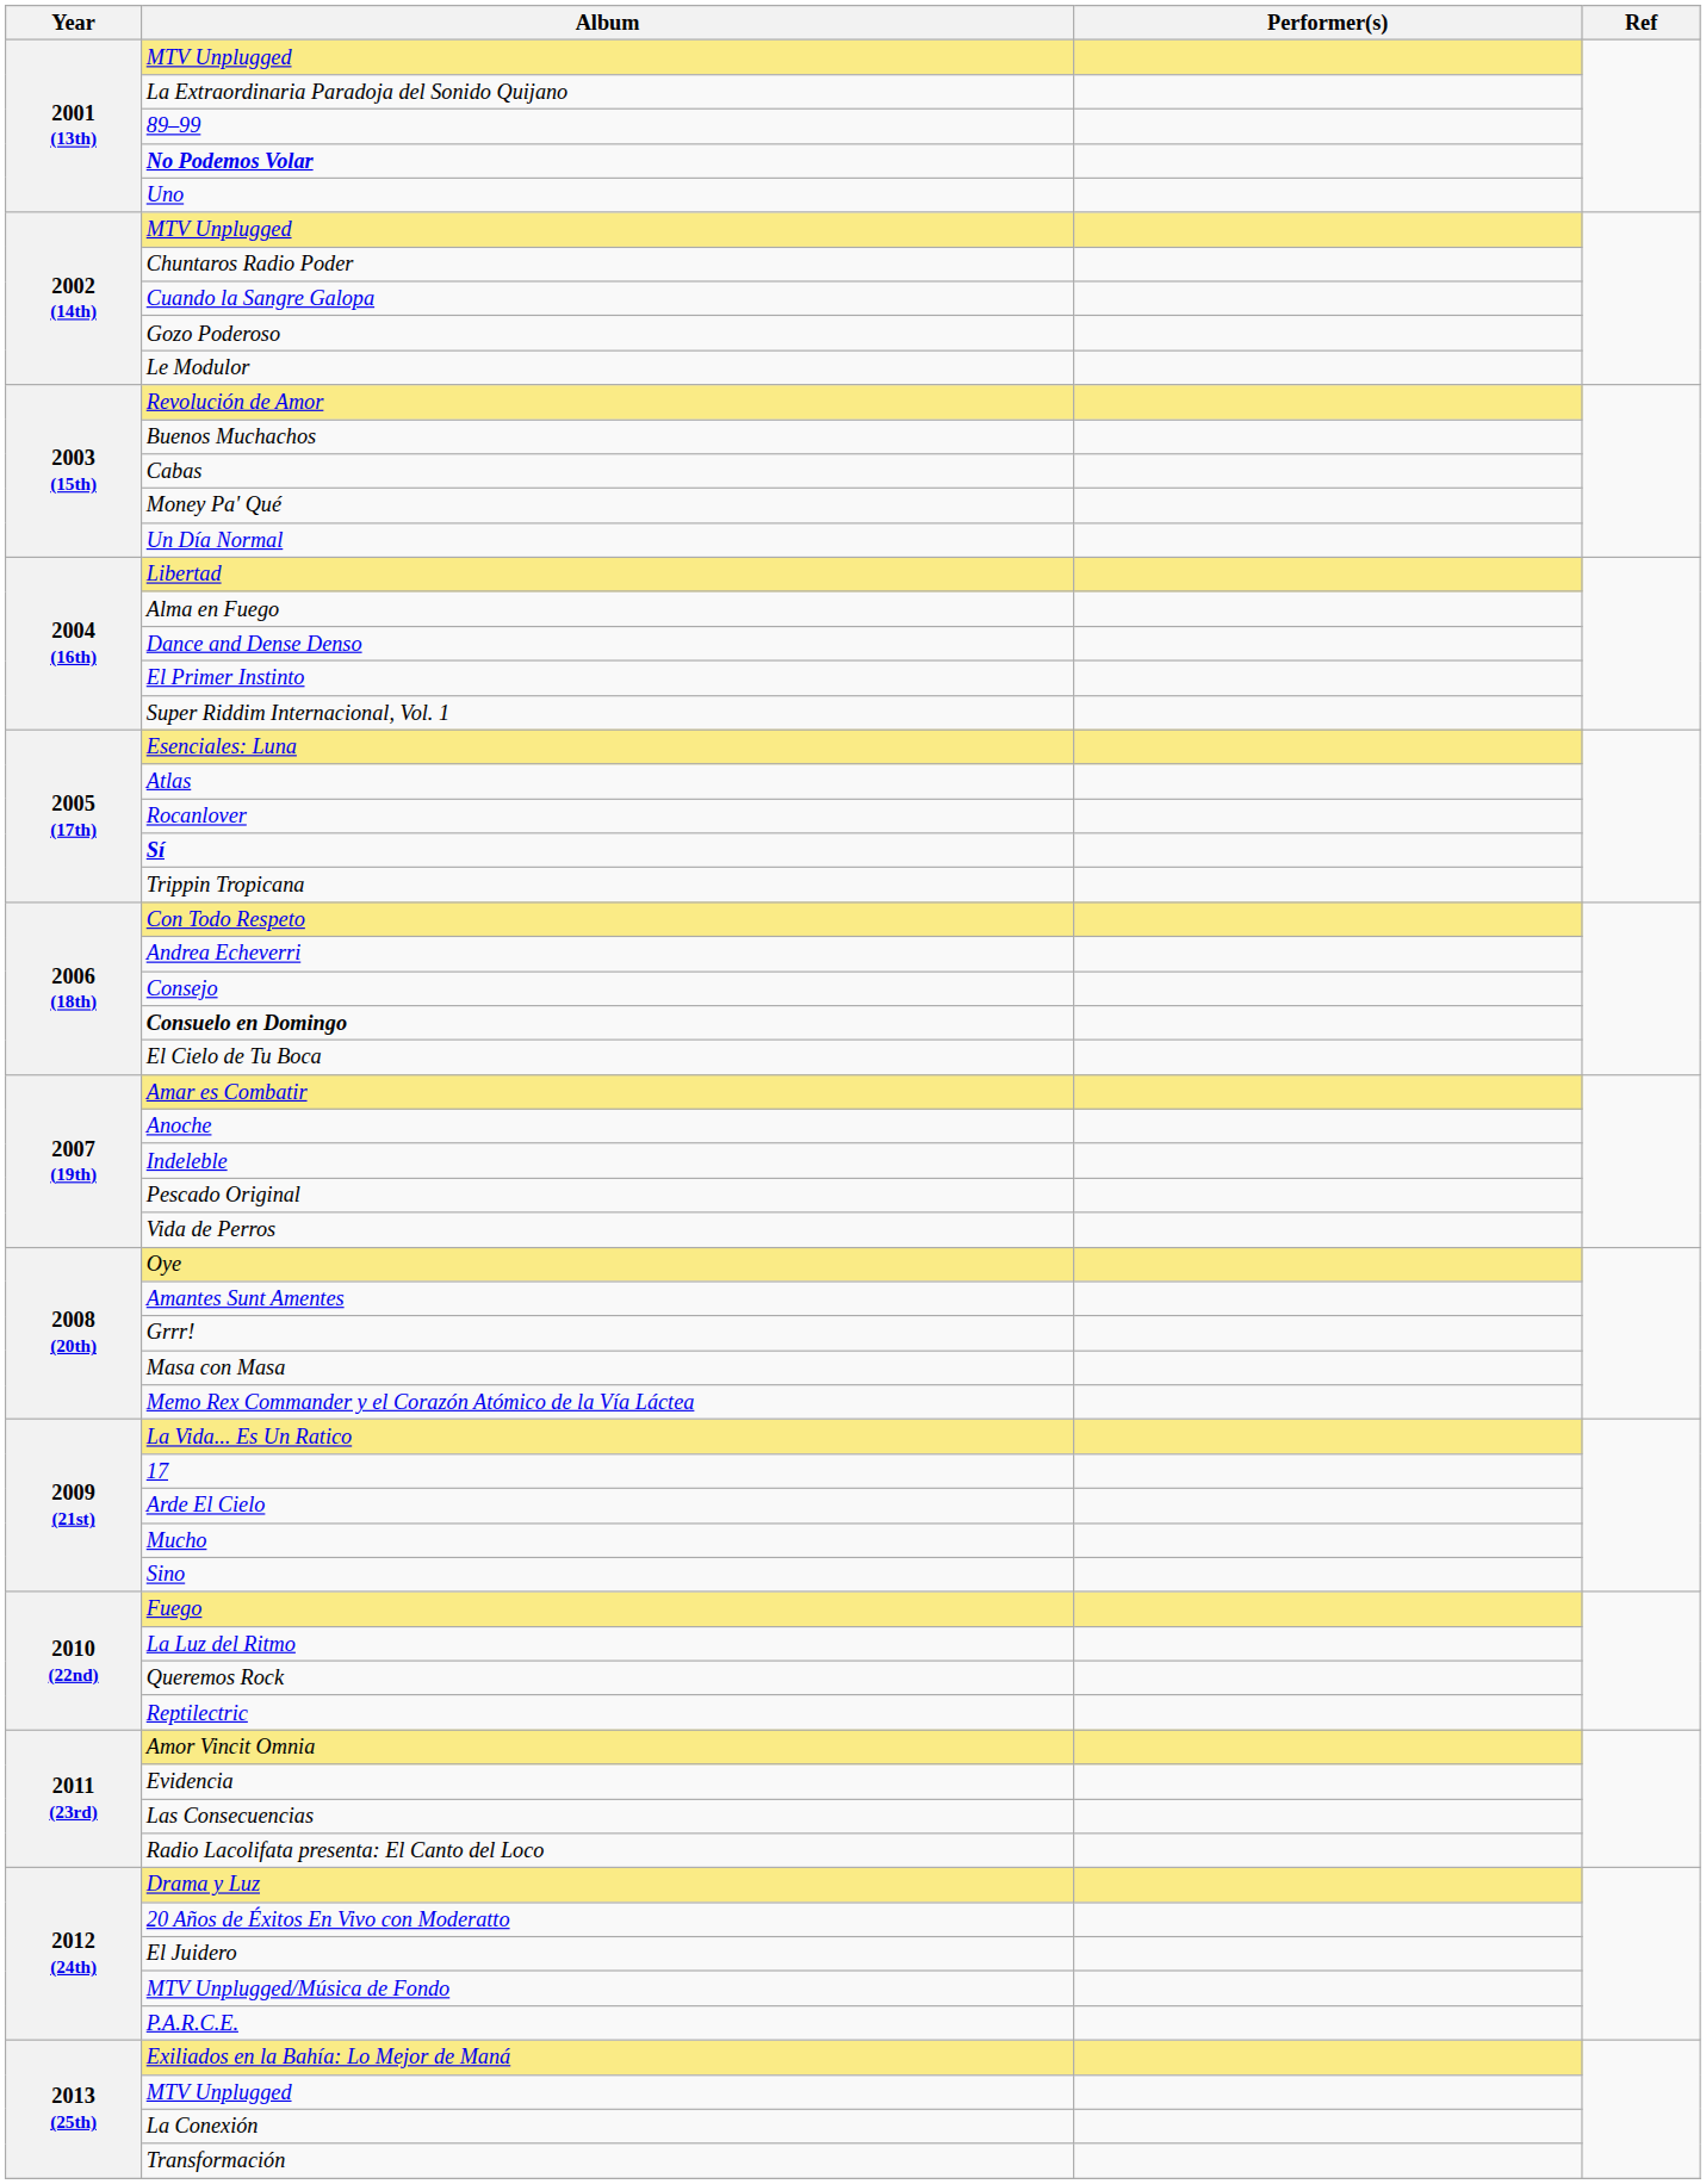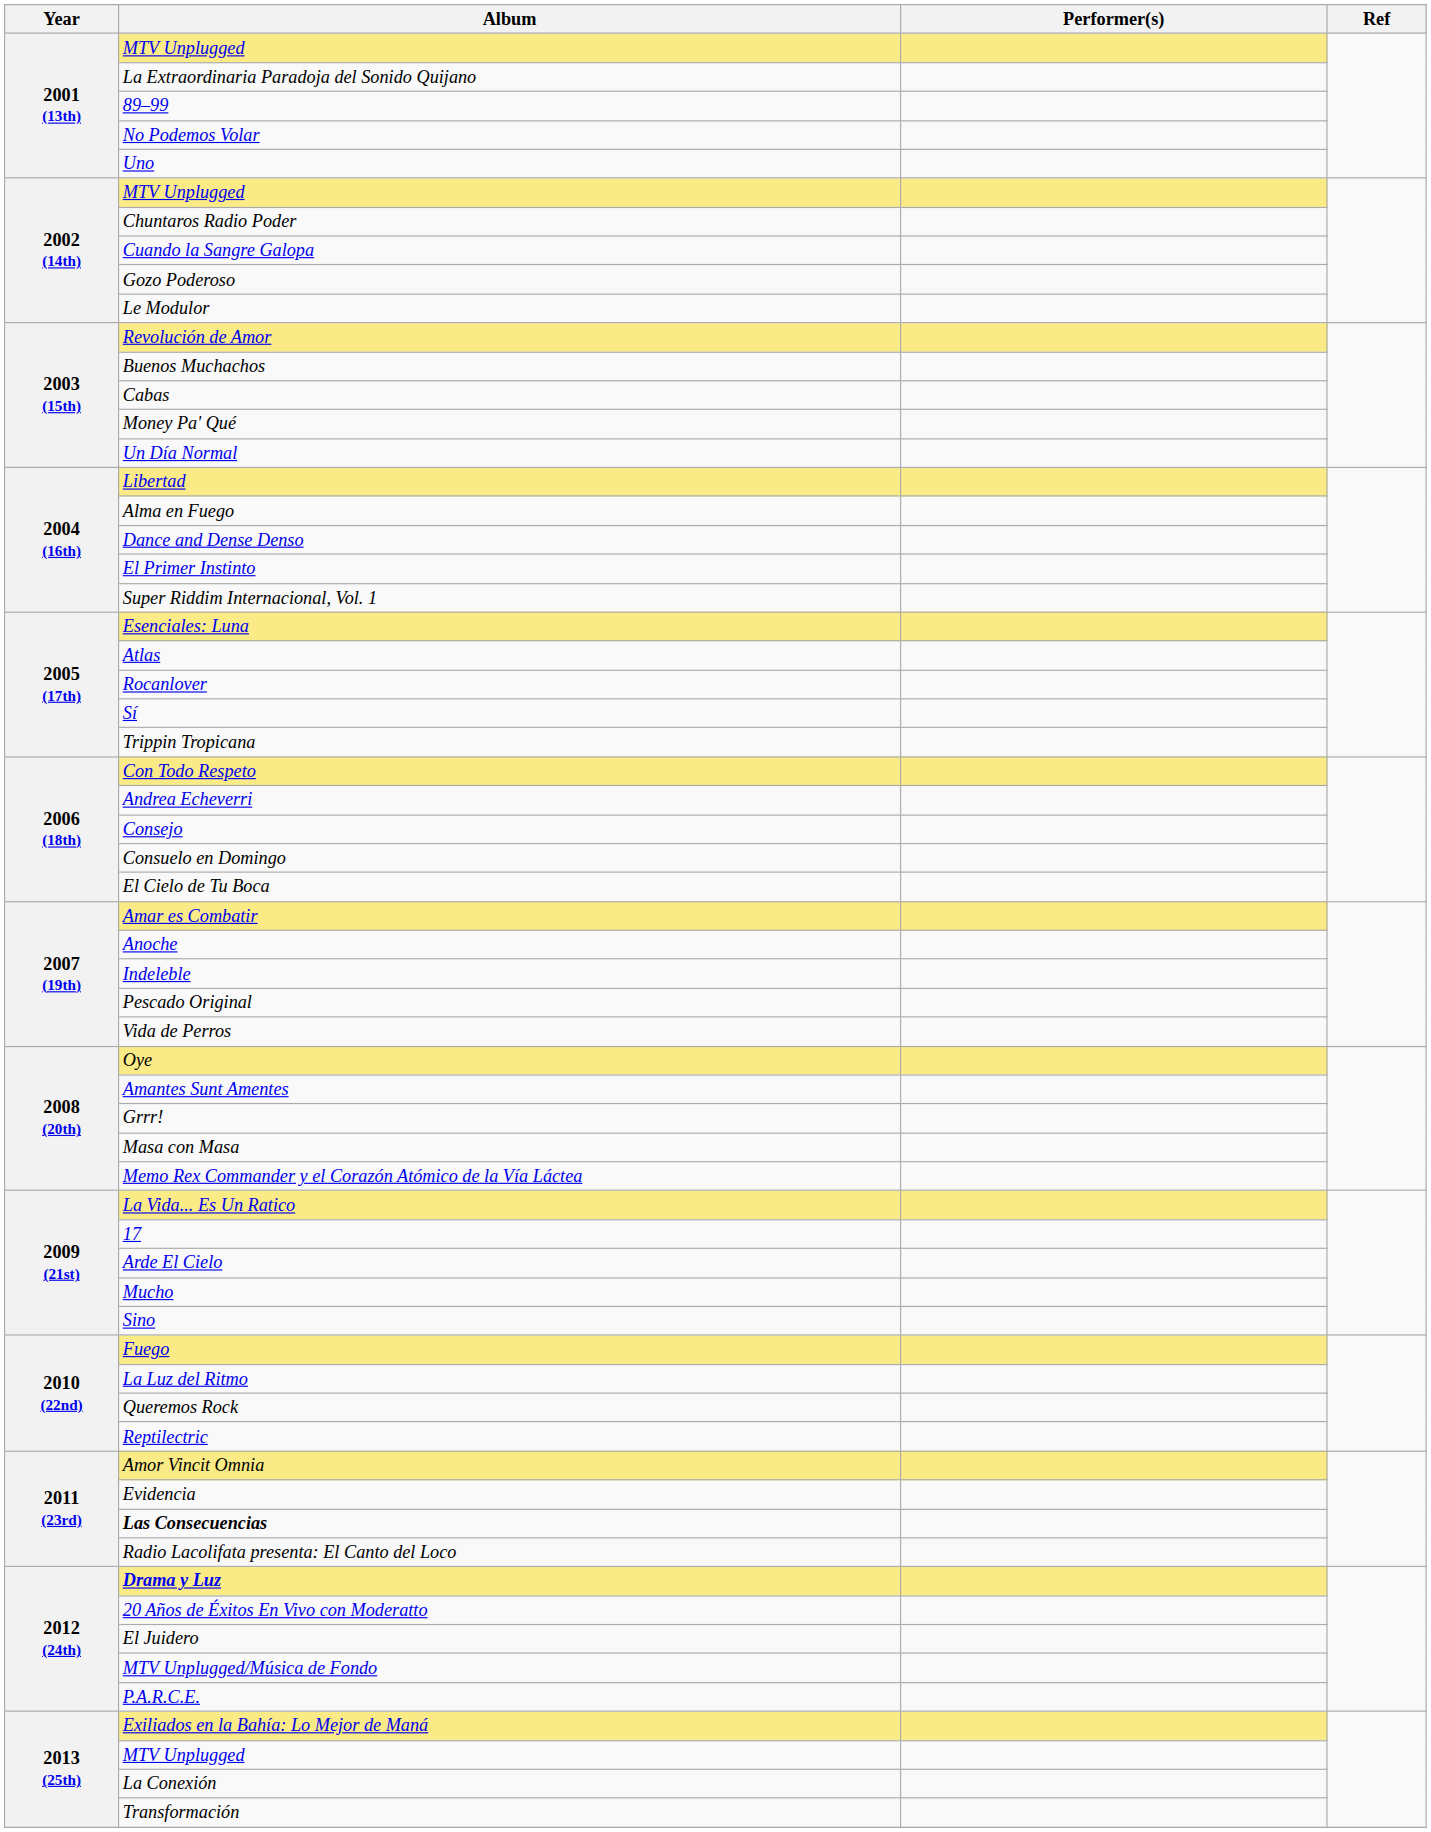 <table class="wikitable sortable">
 <tr style="background:#bebebe;">
 <th scope="col" style="width:1%;">Year</th>
 <th scope="col" style="width:10%;">Album</th>
 <th scope="col" style="width:5%;">Performer(s)</th>
 <th scope="col" style="width:1%;" class="unsortable">Ref</th>
 </tr>
 <tr>
 <th scope="row" rowspan=5 style="text-align:center">2001 <br><small><a href='#'>(13th)</a></small></th>
 <td style="background:#FAEB86"><em><a href='#'>MTV Unplugged</a></em></td>
 <td style="background:#FAEB86"></td>
 <td rowspan=5></td>
 </tr>
 <tr>
 <td><em>La Extraordinaria Paradoja del Sonido Quijano</em></td>
 <td></td>
 </tr>
 <tr>
 <td><em><a href='#'>89–99</a></em></td>
 <td></td>
 </tr>
 <tr>
-<td><strong><em><a href='#'>No Podemos Volar</a></em></strong></td>
+<td><em><a href='#'>No Podemos Volar</a></em></td>
 <td></td>
 </tr>
 <tr>
 <td><em><a href='#'>Uno</a></em></td>
 <td></td>
 </tr>
 <tr>
 <th scope="row" rowspan=5 style="text-align:center">2002 <br><small><a href='#'>(14th)</a></small></th>
 <td style="background:#FAEB86"><em><a href='#'>MTV Unplugged</a></em></td>
 <td style="background:#FAEB86"></td>
 <td rowspan=5></td>
 </tr>
 <tr>
 <td><em>Chuntaros Radio Poder</em></td>
 <td></td>
 </tr>
 <tr>
 <td><em><a href='#'>Cuando la Sangre Galopa</a></em></td>
 <td></td>
 </tr>
 <tr>
 <td><em>Gozo Poderoso</em></td>
 <td></td>
 </tr>
 <tr>
 <td><em>Le Modulor</em></td>
 <td></td>
 </tr>
 <tr>
 <th scope="row" rowspan=5 style="text-align:center">2003 <br><small><a href='#'>(15th)</a></small></th>
 <td style="background:#FAEB86"><em><a href='#'>Revolución de Amor</a></em></td>
 <td style="background:#FAEB86"></td>
 <td rowspan=5></td>
 </tr>
 <tr>
 <td><em>Buenos Muchachos</em></td>
 <td></td>
 </tr>
 <tr>
 <td><em>Cabas</em></td>
 <td></td>
 </tr>
 <tr>
 <td><em>Money Pa' Qué</em></td>
 <td></td>
 </tr>
 <tr>
 <td><em><a href='#'>Un Día Normal</a></em></td>
 <td></td>
 </tr>
 <tr>
 <th scope="row" rowspan=5 style="text-align:center">2004 <br><small><a href='#'>(16th)</a></small></th>
 <td style="background:#FAEB86"><em><a href='#'>Libertad</a></em></td>
 <td style="background:#FAEB86"></td>
 <td rowspan=5></td>
 </tr>
 <tr>
 <td><em>Alma en Fuego</em></td>
 <td></td>
 </tr>
 <tr>
 <td><em><a href='#'>Dance and Dense Denso</a></em></td>
 <td></td>
 </tr>
 <tr>
 <td><em><a href='#'>El Primer Instinto</a></em></td>
 <td></td>
 </tr>
 <tr>
 <td><em>Super Riddim Internacional, Vol. 1</em></td>
 <td></td>
 </tr>
 <tr>
 <th scope="row" rowspan=5 style="text-align:center">2005 <br><small><a href='#'>(17th)</a></small></th>
 <td style="background:#FAEB86"><em><a href='#'>Esenciales: Luna</a></em></td>
 <td style="background:#FAEB86"></td>
 <td rowspan=5></td>
 </tr>
 <tr>
 <td><em><a href='#'>Atlas</a></em></td>
 <td></td>
 </tr>
 <tr>
 <td><em><a href='#'>Rocanlover</a></em></td>
 <td></td>
 </tr>
 <tr>
-<td><strong><em><a href='#'>Sí</a></em></strong></td>
+<td><em><a href='#'>Sí</a></em></td>
 <td></td>
 </tr>
 <tr>
 <td><em>Trippin Tropicana</em></td>
 <td></td>
 </tr>
 <tr>
 <th scope="row" rowspan=5 style="text-align:center">2006 <br><small><a href='#'>(18th)</a></small></th>
 <td style="background:#FAEB86"><em><a href='#'>Con Todo Respeto</a></em></td>
 <td style="background:#FAEB86"></td>
 <td rowspan=5></td>
 </tr>
 <tr>
 <td><em><a href='#'>Andrea Echeverri</a></em></td>
 <td></td>
 </tr>
 <tr>
 <td><em><a href='#'>Consejo</a></em></td>
 <td></td>
 </tr>
 <tr>
-<td><strong><em>Consuelo en Domingo</em></strong></td>
+<td><em>Consuelo en Domingo</em></td>
 <td></td>
 </tr>
 <tr>
 <td><em>El Cielo de Tu Boca</em></td>
 <td></td>
 </tr>
 <tr>
 <th scope="row" rowspan=5 style="text-align:center">2007 <br><small><a href='#'>(19th)</a></small></th>
 <td style="background:#FAEB86"><em><a href='#'>Amar es Combatir</a></em></td>
 <td style="background:#FAEB86"></td>
 <td rowspan=5></td>
 </tr>
 <tr>
 <td><em><a href='#'>Anoche</a></em></td>
 <td></td>
 </tr>
 <tr>
 <td><em><a href='#'>Indeleble</a></em></td>
 <td></td>
 </tr>
 <tr>
 <td><em>Pescado Original</em></td>
 <td></td>
 </tr>
 <tr>
 <td><em>Vida de Perros</em></td>
 <td></td>
 </tr>
 <tr>
 <th scope="row" rowspan=5 style="text-align:center">2008 <br><small><a href='#'>(20th)</a></small></th>
 <td style="background:#FAEB86"><em>Oye</em></td>
 <td style="background:#FAEB86"></td>
 <td rowspan=5></td>
 </tr>
 <tr>
 <td><em><a href='#'>Amantes Sunt Amentes</a></em></td>
 <td></td>
 </tr>
 <tr>
 <td><em>Grrr!</em></td>
 <td></td>
 </tr>
 <tr>
 <td><em>Masa con Masa</em></td>
 <td></td>
 </tr>
 <tr>
 <td><em><a href='#'>Memo Rex Commander y el Corazón Atómico de la Vía Láctea</a></em></td>
 <td></td>
 </tr>
 <tr>
 <th scope="row" rowspan=5 style="text-align:center">2009 <br><small><a href='#'>(21st)</a></small></th>
 <td style="background:#FAEB86"><em><a href='#'>La Vida... Es Un Ratico</a></em></td>
 <td style="background:#FAEB86"></td>
 <td rowspan=5></td>
 </tr>
 <tr>
 <td><em><a href='#'>17</a></em></td>
 <td></td>
 </tr>
 <tr>
 <td><em><a href='#'>Arde El Cielo</a></em></td>
 <td></td>
 </tr>
 <tr>
 <td><em><a href='#'>Mucho</a></em></td>
 <td></td>
 </tr>
 <tr>
 <td><em><a href='#'>Sino</a></em></td>
 <td></td>
 </tr>
 <tr>
 <th scope="row" rowspan=4 style="text-align:center">2010 <br><small><a href='#'>(22nd)</a></small></th>
 <td style="background:#FAEB86"><em><a href='#'>Fuego</a></em></td>
 <td style="background:#FAEB86"></td>
 <td rowspan=4></td>
 </tr>
 <tr>
 <td><em><a href='#'>La Luz del Ritmo</a></em></td>
 <td></td>
 </tr>
 <tr>
 <td><em>Queremos Rock</em></td>
 <td></td>
 </tr>
 <tr>
 <td><em><a href='#'>Reptilectric</a></em></td>
 <td></td>
 </tr>
 <tr>
 <th scope="row" rowspan=4 style="text-align:center">2011 <br><small><a href='#'>(23rd)</a></small></th>
 <td style="background:#FAEB86"><em>Amor Vincit Omnia</em></td>
 <td style="background:#FAEB86"></td>
 <td rowspan=4></td>
 </tr>
 <tr>
 <td><em>Evidencia</em></td>
 <td></td>
 </tr>
 <tr>
-<td><em>Las Consecuencias</em></td>
+<td><strong><em>Las Consecuencias</em></strong></td>
 <td></td>
 </tr>
 <tr>
 <td><em>Radio Lacolifata presenta: El Canto del Loco</em></td>
 <td></td>
 </tr>
 <tr>
 <th scope="row" rowspan=5 style="text-align:center">2012 <br><small><a href='#'>(24th)</a></small></th>
-<td style="background:#FAEB86"><em><a href='#'>Drama y Luz</a></em></td>
+<td style="background:#FAEB86"><strong><em><a href='#'>Drama y Luz</a></em></strong></td>
 <td style="background:#FAEB86"></td>
 <td rowspan=5></td>
 </tr>
 <tr>
 <td><em><a href='#'>20 Años de Éxitos En Vivo con Moderatto</a></em></td>
 <td></td>
 </tr>
 <tr>
 <td><em>El Juidero</em></td>
 <td></td>
 </tr>
 <tr>
 <td><em><a href='#'>MTV Unplugged/Música de Fondo</a></em></td>
 <td></td>
 </tr>
 <tr>
 <td><em><a href='#'>P.A.R.C.E.</a></em></td>
 <td></td>
 </tr>
 <tr>
 <th scope="row" rowspan=4 style="text-align:center">2013 <br><small><a href='#'>(25th)</a></small></th>
 <td style="background:#FAEB86"><em><a href='#'>Exiliados en la Bahía: Lo Mejor de Maná</a></em></td>
 <td style="background:#FAEB86"></td>
 <td rowspan=4></td>
 </tr>
 <tr>
 <td><em><a href='#'>MTV Unplugged</a></em></td>
 <td></td>
 </tr>
 <tr>
 <td><em>La Conexión</em></td>
 <td></td>
 </tr>
 <tr>
 <td><em>Transformación</em></td>
 <td></td>
 </tr>
 <tr>
 </tr>
 </table>
